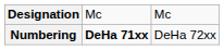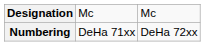 <table class="wikitable">
 <tr>
 <th>Designation</th>
 <td>Mc</td>
 <td>Mc</td>
 </tr>
 <tr>
 <th>Numbering</th>
-<td><strong>DeHa 71xx</strong></td>
+<td>DeHa 71xx</td>
 <td>DeHa 72xx</td>
 </tr>
 </table>
